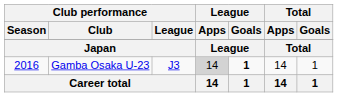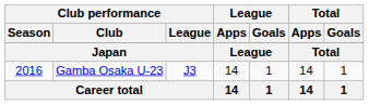 <table class="wikitable" style="text-align:center">
 <tr>
 <th colspan=3>Club performance</th>
 <th colspan=2>League</th>
 <th colspan=2>Total</th>
 </tr>
 <tr>
 <th>Season</th>
 <th>Club</th>
 <th>League</th>
 <th>Apps</th>
 <th>Goals</th>
 <th>Apps</th>
 <th>Goals</th>
 </tr>
 <tr>
 </tr>
 <tr>
 <th colspan=3>Japan</th>
 <th colspan=2>League</th>
 <th colspan=2>Total</th>
 </tr>
 <tr>
 <td><a href='#'>2016</a></td>
 <td rowspan="1"><a href='#'>Gamba Osaka U-23</a></td>
 <td rowspan="1"><a href='#'>J3</a></td>
-<td style="background: lightgrey;">14</td>
-<td><strong>1</strong></td>
+<td>14</td>
+<td>1</td>
 <td>14</td>
 <td>1</td>
 </tr>
 <tr>
 <th colspan=3>Career total</th>
 <th>14</th>
 <th>1</th>
 <th>14</th>
 <th>1</th>
 </tr>
 </table>
